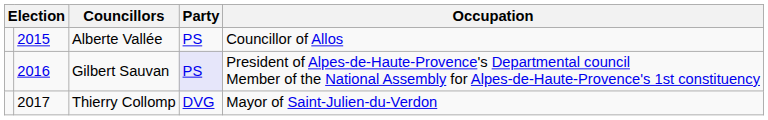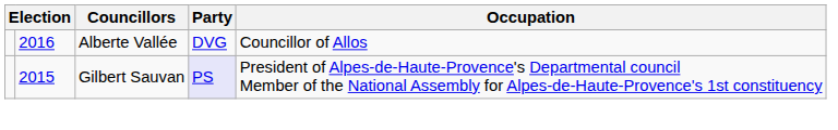 <table class="wikitable">
 <tr>
 <th colspan="2">Election</th>
 <th>Councillors</th>
 <th>Party</th>
 <th>Occupation</th>
 </tr>
 <tr>
 <td style="background-color: "></td>
-<td><a href='#'>2015</a></td>
+<td><a href='#'>2016</a></td>
 <td>Alberte Vallée</td>
-<td><a href='#'>PS</a></td>
+<td><a href='#'>DVG</a></td>
 <td>Councillor of <a href='#'>Allos</a></td>
 </tr>
 <tr>
 <td style="background-color: "></td>
-<td><a href='#'>2016</a></td>
+<td><a href='#'>2015</a></td>
 <td>Gilbert Sauvan</td>
 <td style="background: lavender;"><a href='#'>PS</a></td>
 <td>President of <a href='#'>Alpes-de-Haute-Provence</a>'s <a href='#'>Departmental council</a> <br> Member of the <a href='#'>National Assembly</a> for <a href='#'>Alpes-de-Haute-Provence's 1st constituency</a></td>
 </tr>
-<tr>
-<td style="background-color: "></td>
-<td>2017</td>
-<td>Thierry Collomp</td>
-<td><a href='#'>DVG</a></td>
-<td>Mayor of <a href='#'>Saint-Julien-du-Verdon</a></td>
-</tr>
 </table>
